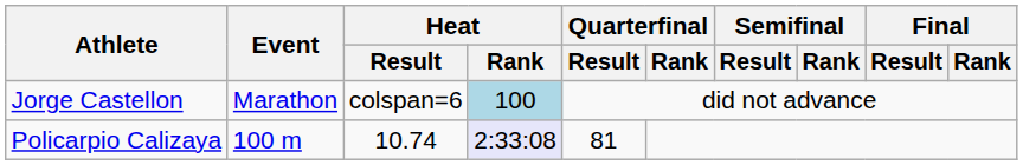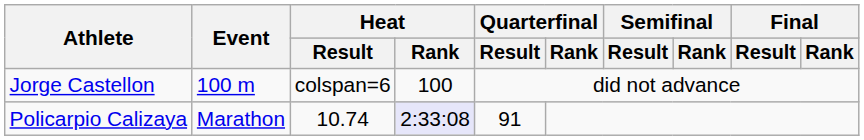 <table class="wikitable" style="font-size:90%">
 <tr>
 <th rowspan="2">Athlete</th>
 <th rowspan="2">Event</th>
 <th colspan="2">Heat</th>
 <th colspan="2">Quarterfinal</th>
 <th colspan="2">Semifinal</th>
 <th colspan="2">Final</th>
 </tr>
 <tr style="font-size:95%">
 <th>Result</th>
 <th>Rank</th>
 <th>Result</th>
 <th>Rank</th>
 <th>Result</th>
 <th>Rank</th>
 <th>Result</th>
 <th>Rank</th>
 </tr>
 <tr align=center>
 <td align=left><a href='#'>Jorge Castellon</a></td>
-<td align=left><a href='#'>Marathon</a></td>
+<td align=left><a href='#'>100 m</a></td>
 <td>colspan=6 </td>
-<td style="background: lightblue;">100</td>
+<td>100</td>
 <td colspan=6>did not advance</td>
 </tr>
 <tr align=center>
 <td align=left><a href='#'>Policarpio Calizaya</a></td>
-<td align=left><a href='#'>100 m</a></td>
+<td align=left><a href='#'>Marathon</a></td>
 <td>10.74</td>
 <td style="background: lavender;">2:33:08</td>
-<td>81</td>
+<td>91</td>
 </tr>
 </table>
